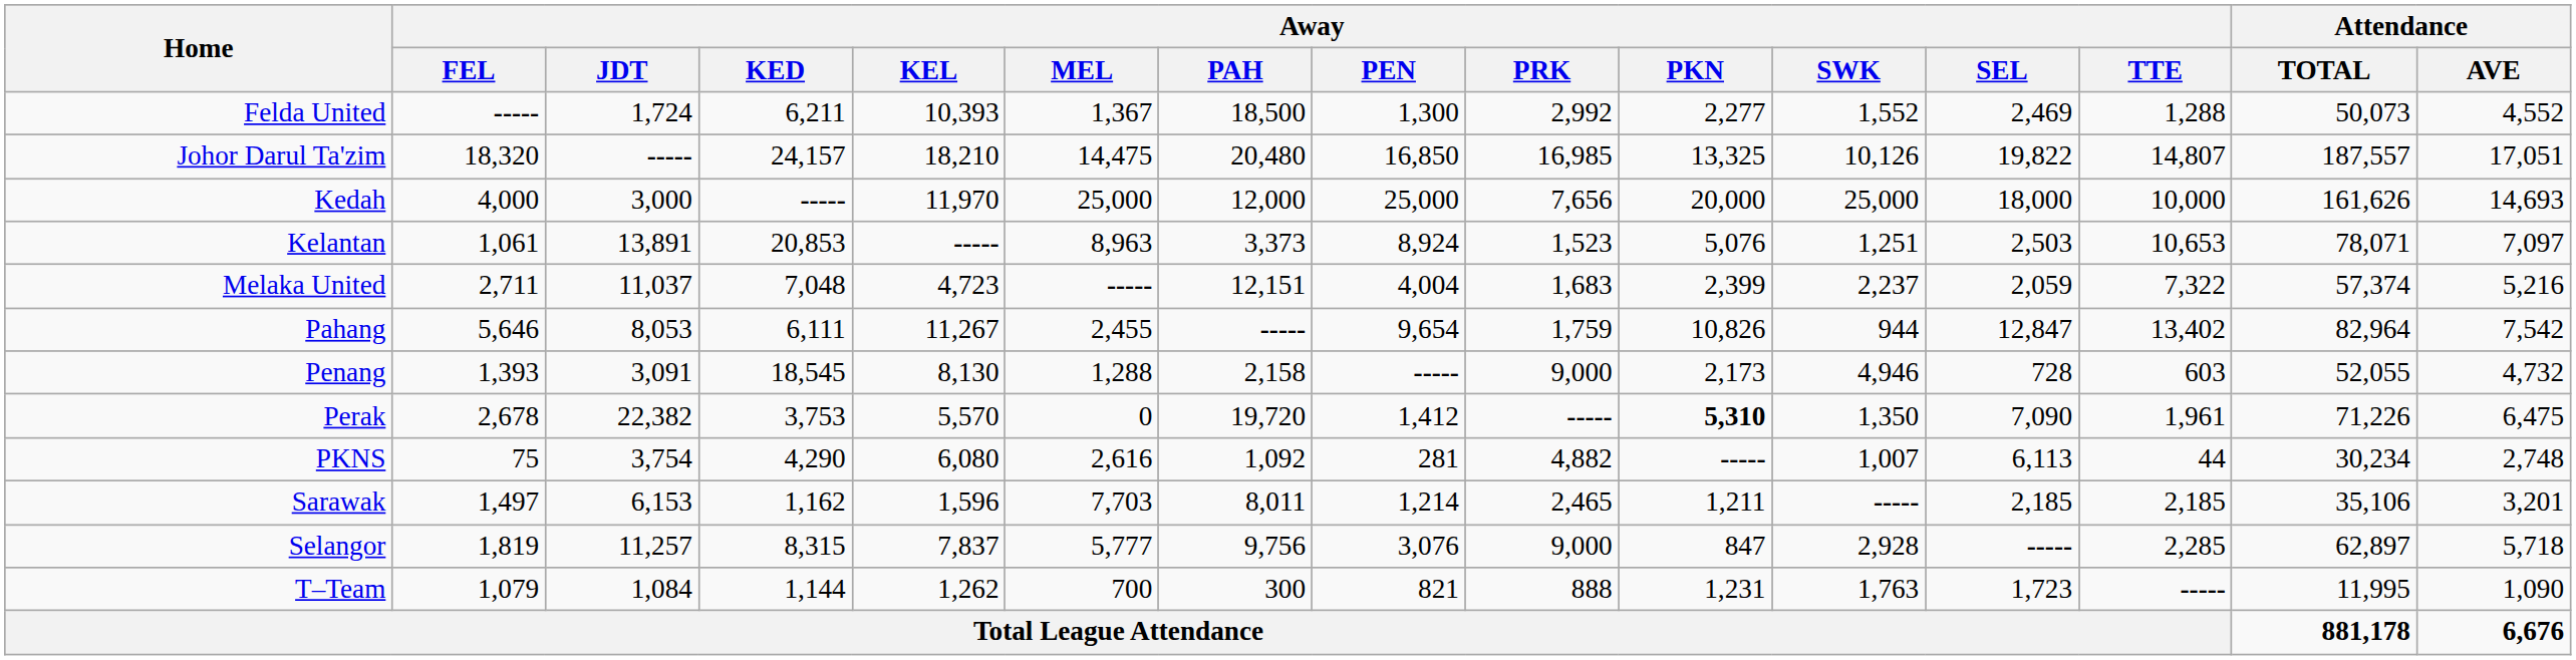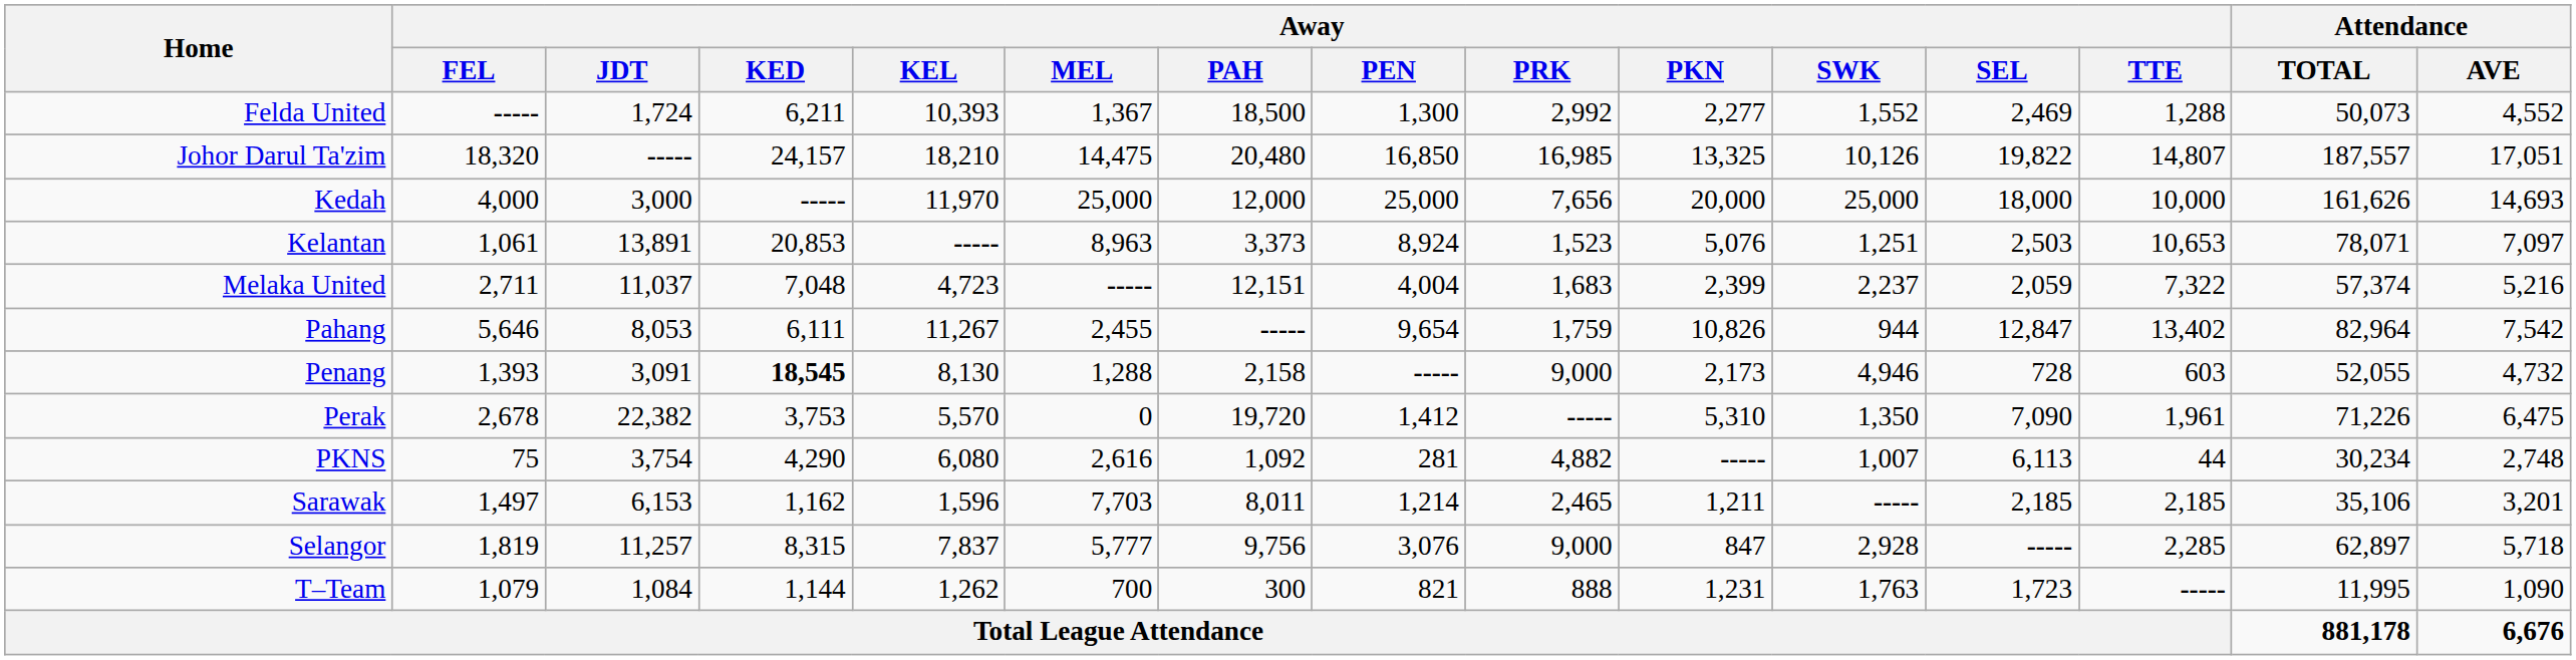 <table class="wikitable" style="text-align:right; font-size:100%; width:95%;">
 <tr>
 <th rowspan="2">Home</th>
 <th colspan="12">Away</th>
 <th colspan="2">Attendance</th>
 </tr>
 <tr>
 <th><a href='#'>FEL</a></th>
 <th><a href='#'>JDT</a></th>
 <th><a href='#'>KED</a></th>
 <th><a href='#'>KEL</a></th>
 <th><a href='#'>MEL</a></th>
 <th><a href='#'>PAH</a></th>
 <th><a href='#'>PEN</a></th>
 <th><a href='#'>PRK</a></th>
 <th><a href='#'>PKN</a></th>
 <th><a href='#'>SWK</a></th>
 <th><a href='#'>SEL</a></th>
 <th><a href='#'>TTE</a></th>
 <th>TOTAL</th>
 <th>AVE</th>
 </tr>
 <tr>
 <td><a href='#'>Felda United</a></td>
 <td><strong>-----</strong></td>
 <td>1,724</td>
 <td>6,211</td>
 <td>10,393</td>
 <td>1,367</td>
 <td>18,500</td>
 <td>1,300</td>
 <td>2,992</td>
 <td>2,277</td>
 <td>1,552</td>
 <td>2,469</td>
 <td>1,288</td>
 <td>50,073</td>
 <td>4,552</td>
 </tr>
 <tr>
 <td><a href='#'>Johor Darul Ta'zim</a></td>
 <td>18,320</td>
 <td><strong>-----</strong></td>
 <td>24,157</td>
 <td>18,210</td>
 <td>14,475</td>
 <td>20,480</td>
 <td>16,850</td>
 <td>16,985</td>
 <td>13,325</td>
 <td>10,126</td>
 <td>19,822</td>
 <td>14,807</td>
 <td>187,557</td>
 <td>17,051</td>
 </tr>
 <tr>
 <td><a href='#'>Kedah</a></td>
 <td>4,000</td>
 <td>3,000</td>
 <td><strong>-----</strong></td>
 <td>11,970</td>
 <td>25,000</td>
 <td>12,000</td>
 <td>25,000</td>
 <td>7,656</td>
 <td>20,000</td>
 <td>25,000</td>
 <td>18,000</td>
 <td>10,000</td>
 <td>161,626</td>
 <td>14,693</td>
 </tr>
 <tr>
 <td><a href='#'>Kelantan</a></td>
 <td>1,061</td>
 <td>13,891</td>
 <td>20,853</td>
 <td><strong>-----</strong></td>
 <td>8,963</td>
 <td>3,373</td>
 <td>8,924</td>
 <td>1,523</td>
 <td>5,076</td>
 <td>1,251</td>
 <td>2,503</td>
 <td>10,653</td>
 <td>78,071</td>
 <td>7,097</td>
 </tr>
 <tr>
 <td><a href='#'>Melaka United</a></td>
 <td>2,711</td>
 <td>11,037</td>
 <td>7,048</td>
 <td>4,723</td>
 <td><strong>-----</strong></td>
 <td>12,151</td>
 <td>4,004</td>
 <td>1,683</td>
 <td>2,399</td>
 <td>2,237</td>
 <td>2,059</td>
 <td>7,322</td>
 <td>57,374</td>
 <td>5,216</td>
 </tr>
 <tr>
 <td><a href='#'>Pahang</a></td>
 <td>5,646</td>
 <td>8,053</td>
 <td>6,111</td>
 <td>11,267</td>
 <td>2,455</td>
 <td><strong>-----</strong></td>
 <td>9,654</td>
 <td>1,759</td>
 <td>10,826</td>
 <td>944</td>
 <td>12,847</td>
 <td>13,402</td>
 <td>82,964</td>
 <td>7,542</td>
 </tr>
 <tr>
 <td><a href='#'>Penang</a></td>
 <td>1,393</td>
 <td>3,091</td>
-<td>18,545</td>
+<td><strong>18,545</strong></td>
 <td>8,130</td>
 <td>1,288</td>
 <td>2,158</td>
 <td><strong>-----</strong></td>
 <td>9,000</td>
 <td>2,173</td>
 <td>4,946</td>
 <td>728</td>
 <td>603</td>
 <td>52,055</td>
 <td>4,732</td>
 </tr>
 <tr>
 <td><a href='#'>Perak</a></td>
 <td>2,678</td>
 <td>22,382</td>
 <td>3,753</td>
 <td>5,570</td>
 <td>0</td>
 <td>19,720</td>
 <td>1,412</td>
 <td><strong>-----</strong></td>
-<td><strong>5,310</strong></td>
+<td>5,310</td>
 <td>1,350</td>
 <td>7,090</td>
 <td>1,961</td>
 <td>71,226</td>
 <td>6,475</td>
 </tr>
 <tr>
 <td><a href='#'>PKNS</a></td>
 <td>75</td>
 <td>3,754</td>
 <td>4,290</td>
 <td>6,080</td>
 <td>2,616</td>
 <td>1,092</td>
 <td>281</td>
 <td>4,882</td>
 <td><strong>-----</strong></td>
 <td>1,007</td>
 <td>6,113</td>
 <td>44</td>
 <td>30,234</td>
 <td>2,748</td>
 </tr>
 <tr>
 <td><a href='#'>Sarawak</a></td>
 <td>1,497</td>
 <td>6,153</td>
 <td>1,162</td>
 <td>1,596</td>
 <td>7,703</td>
 <td>8,011</td>
 <td>1,214</td>
 <td>2,465</td>
 <td>1,211</td>
 <td><strong>-----</strong></td>
 <td>2,185</td>
 <td>2,185</td>
 <td>35,106</td>
 <td>3,201</td>
 </tr>
 <tr>
 <td><a href='#'>Selangor</a></td>
 <td>1,819</td>
 <td>11,257</td>
 <td>8,315</td>
 <td>7,837</td>
 <td>5,777</td>
 <td>9,756</td>
 <td>3,076</td>
 <td>9,000</td>
 <td>847</td>
 <td>2,928</td>
 <td><strong>-----</strong></td>
 <td>2,285</td>
 <td>62,897</td>
 <td>5,718</td>
 </tr>
 <tr>
 <td><a href='#'>T–Team</a></td>
 <td>1,079</td>
 <td>1,084</td>
 <td>1,144</td>
 <td>1,262</td>
 <td>700</td>
 <td>300</td>
 <td>821</td>
 <td>888</td>
 <td>1,231</td>
 <td>1,763</td>
 <td>1,723</td>
 <td><strong>-----</strong></td>
 <td>11,995</td>
 <td>1,090</td>
 </tr>
 <tr>
 <th colspan="13">Total League Attendance</th>
 <td><strong>881,178</strong></td>
 <td><strong>6,676</strong></td>
 </tr>
 </table>
